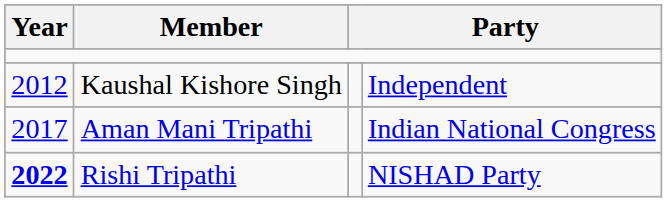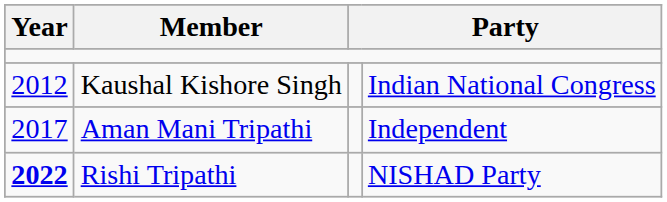 <table class="wikitable">
 <tr>
 <th>Year</th>
 <th>Member</th>
 <th colspan="2">Party</th>
 </tr>
 <tr>
 <td colspan="4"></td>
 </tr>
 <tr>
 <td><a href='#'>2012</a></td>
 <td>Kaushal Kishore Singh</td>
 <td style="background-color: "></td>
-<td><a href='#'>Independent</a></td>
+<td><a href='#'>Indian National Congress</a></td>
 </tr>
 <tr>
 <td><a href='#'>2017</a></td>
 <td><a href='#'>Aman Mani Tripathi</a></td>
 <td style="background-color: "></td>
-<td><a href='#'>Indian National Congress</a></td>
+<td><a href='#'>Independent</a></td>
 </tr>
 <tr>
 <td><strong><a href='#'>2022</a></strong></td>
 <td><a href='#'>Rishi Tripathi</a></td>
 <td style="background-color: "></td>
 <td><a href='#'>NISHAD Party</a></td>
 </tr>
 </table>
